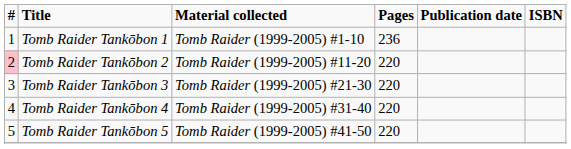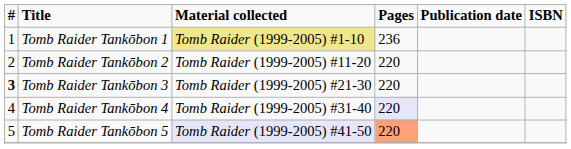 <table class="wikitable">
 <tr>
 <td><strong>#</strong></td>
 <td><strong>Title</strong></td>
 <td><strong>Material collected</strong></td>
 <td><strong>Pages</strong></td>
 <td><strong>Publication date</strong></td>
 <td><strong>ISBN</strong></td>
 </tr>
 <tr>
 <td>1</td>
 <td><em>Tomb Raider Tankōbon 1</em></td>
-<td><em>Tomb Raider</em> (1999-2005) #1-10</td>
+<td style="background: khaki;"><em>Tomb Raider</em> (1999-2005) #1-10</td>
 <td>236</td>
 <td></td>
 <td></td>
 </tr>
 <tr>
-<td style="background: pink;">2</td>
+<td>2</td>
 <td><em>Tomb Raider Tankōbon 2</em></td>
 <td><em>Tomb Raider</em> (1999-2005) #11-20</td>
 <td>220</td>
 <td></td>
 <td></td>
 </tr>
 <tr>
-<td>3</td>
+<td><strong>3</strong></td>
 <td><em>Tomb Raider Tankōbon 3</em></td>
 <td><em>Tomb Raider</em> (1999-2005) #21-30</td>
 <td>220</td>
 <td></td>
 <td></td>
 </tr>
 <tr>
 <td>4</td>
 <td><em>Tomb Raider Tankōbon 4</em></td>
 <td><em>Tomb Raider</em> (1999-2005) #31-40</td>
-<td>220</td>
+<td style="background: lavender;">220</td>
 <td></td>
 <td></td>
 </tr>
 <tr>
 <td>5</td>
 <td><em>Tomb Raider Tankōbon 5</em></td>
-<td><em>Tomb Raider</em> (1999-2005) #41-50</td>
-<td>220</td>
+<td style="background: lavender;"><em>Tomb Raider</em> (1999-2005) #41-50</td>
+<td style="background: lightsalmon;">220</td>
 <td></td>
 <td></td>
 </tr>
 <tr>
 </tr>
 <tr>
 </tr>
 </table>
